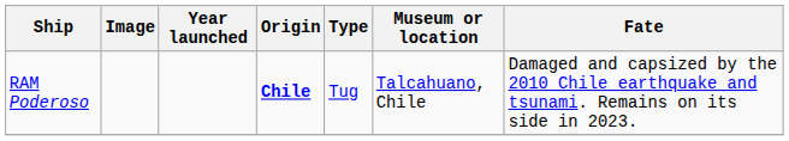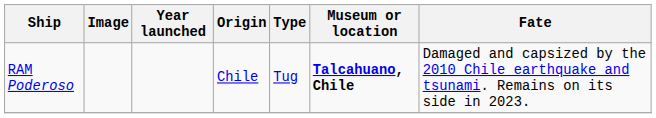 <table class="wikitable sortable">
 <tr>
 <th>Ship</th>
 <th>Image</th>
 <th>Year launched</th>
 <th>Origin</th>
 <th>Type</th>
 <th>Museum or location</th>
 <th>Fate</th>
 </tr>
 <tr>
 <td data-sort-value=Poderoso><a href='#'>RAM <em>Poderoso</em></a></td>
 <td></td>
 <td></td>
-<td><strong> <a href='#'>Chile</a></strong></td>
+<td> <a href='#'>Chile</a></td>
 <td><a href='#'>Tug</a></td>
-<td><a href='#'>Talcahuano</a>, Chile<br></td>
+<td><strong><a href='#'>Talcahuano</a>, Chile<br></strong></td>
 <td>Damaged and capsized by the <a href='#'>2010 Chile earthquake and tsunami</a>. Remains on its side in 2023.</td>
 </tr>
 <tr>
 </tr>
 </table>
